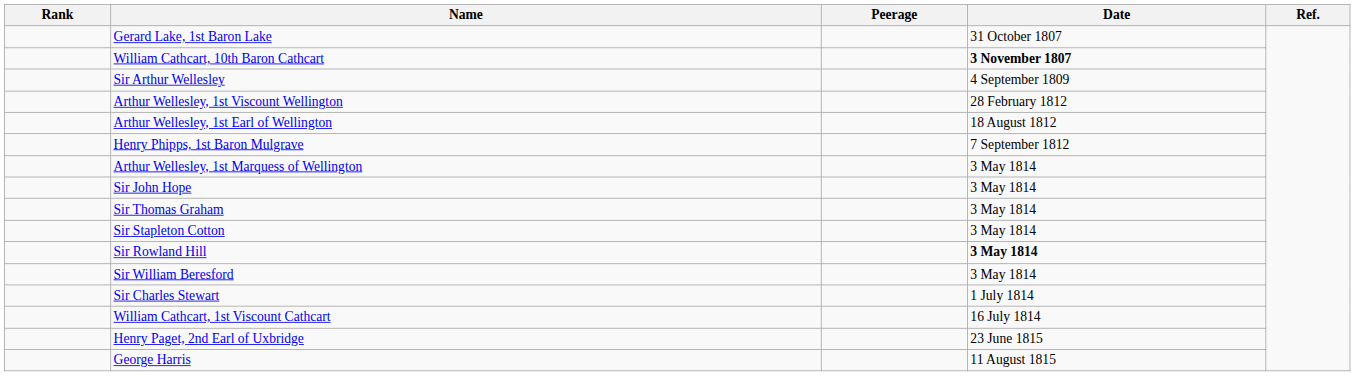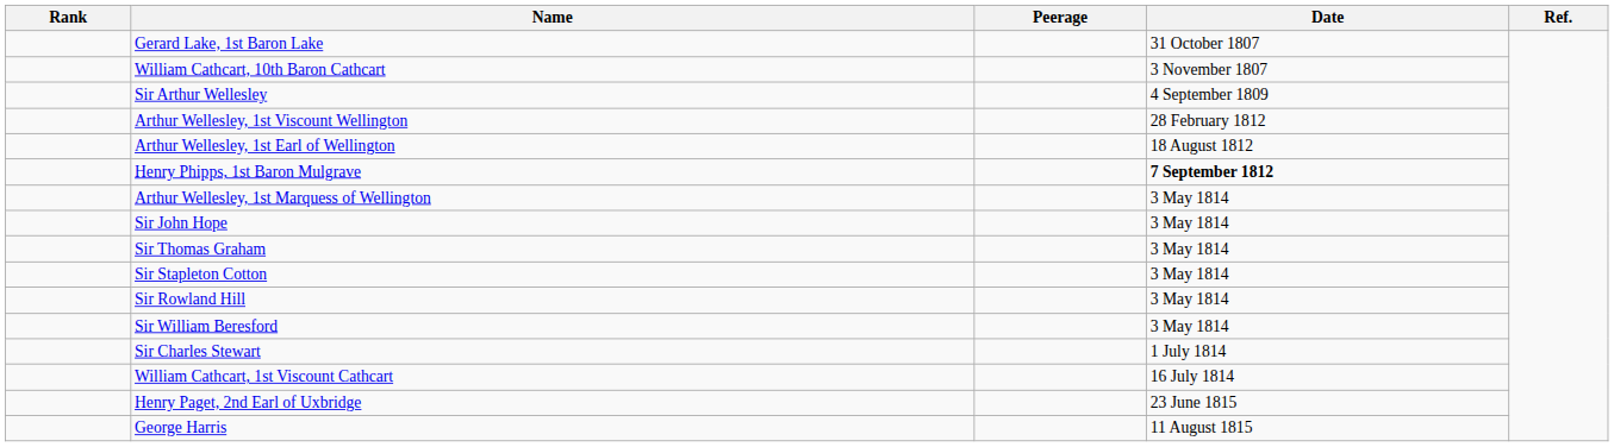 <table class="wikitable sortable"width=100%>
 <tr>
 <th style=>Rank</th>
 <th style=>Name</th>
 <th style=>Peerage</th>
 <th style=>Date</th>
 <th style=>Ref.</th>
 </tr>
 <tr>
 <td></td>
 <td><a href='#'>Gerard Lake, 1st Baron Lake</a></td>
 <td></td>
 <td>31 October 1807</td>
 <td rowspan=100></td>
 </tr>
 <tr>
 <td></td>
 <td><a href='#'>William Cathcart, 10th Baron Cathcart</a></td>
 <td></td>
-<td><strong>3 November 1807</strong></td>
+<td>3 November 1807</td>
 </tr>
 <tr>
 <td></td>
 <td><a href='#'>Sir Arthur Wellesley</a></td>
 <td></td>
 <td>4 September 1809</td>
 </tr>
 <tr>
 <td></td>
 <td><a href='#'>Arthur Wellesley, 1st Viscount Wellington</a></td>
 <td></td>
 <td>28 February 1812</td>
 </tr>
 <tr>
 <td></td>
 <td><a href='#'>Arthur Wellesley, 1st Earl of Wellington</a></td>
 <td></td>
 <td>18 August 1812</td>
 </tr>
 <tr>
 <td></td>
 <td><a href='#'>Henry Phipps, 1st Baron Mulgrave</a></td>
 <td></td>
-<td>7 September 1812</td>
+<td><strong>7 September 1812</strong></td>
 </tr>
 <tr>
 <td></td>
 <td><a href='#'>Arthur Wellesley, 1st Marquess of Wellington</a></td>
 <td></td>
 <td>3 May 1814</td>
 </tr>
 <tr>
 <td></td>
 <td><a href='#'>Sir John Hope</a></td>
 <td></td>
 <td>3 May 1814</td>
 </tr>
 <tr>
 <td></td>
 <td><a href='#'>Sir Thomas Graham</a></td>
 <td></td>
 <td>3 May 1814</td>
 </tr>
 <tr>
 <td></td>
 <td><a href='#'>Sir Stapleton Cotton</a></td>
 <td></td>
 <td>3 May 1814</td>
 </tr>
 <tr>
 <td></td>
 <td><a href='#'>Sir Rowland Hill</a></td>
 <td></td>
-<td><strong>3 May 1814</strong></td>
+<td>3 May 1814</td>
 </tr>
 <tr>
 <td></td>
 <td><a href='#'>Sir William Beresford</a></td>
 <td></td>
 <td>3 May 1814</td>
 </tr>
 <tr>
 <td></td>
 <td><a href='#'>Sir Charles Stewart</a></td>
 <td></td>
 <td>1 July 1814</td>
 </tr>
 <tr>
 <td></td>
 <td><a href='#'>William Cathcart, 1st Viscount Cathcart</a></td>
 <td></td>
 <td>16 July 1814</td>
 </tr>
 <tr>
 <td></td>
 <td><a href='#'>Henry Paget, 2nd Earl of Uxbridge</a></td>
 <td></td>
 <td>23 June 1815</td>
 </tr>
 <tr>
 <td></td>
 <td><a href='#'>George Harris</a></td>
 <td></td>
 <td>11 August 1815</td>
 </tr>
 </table>
